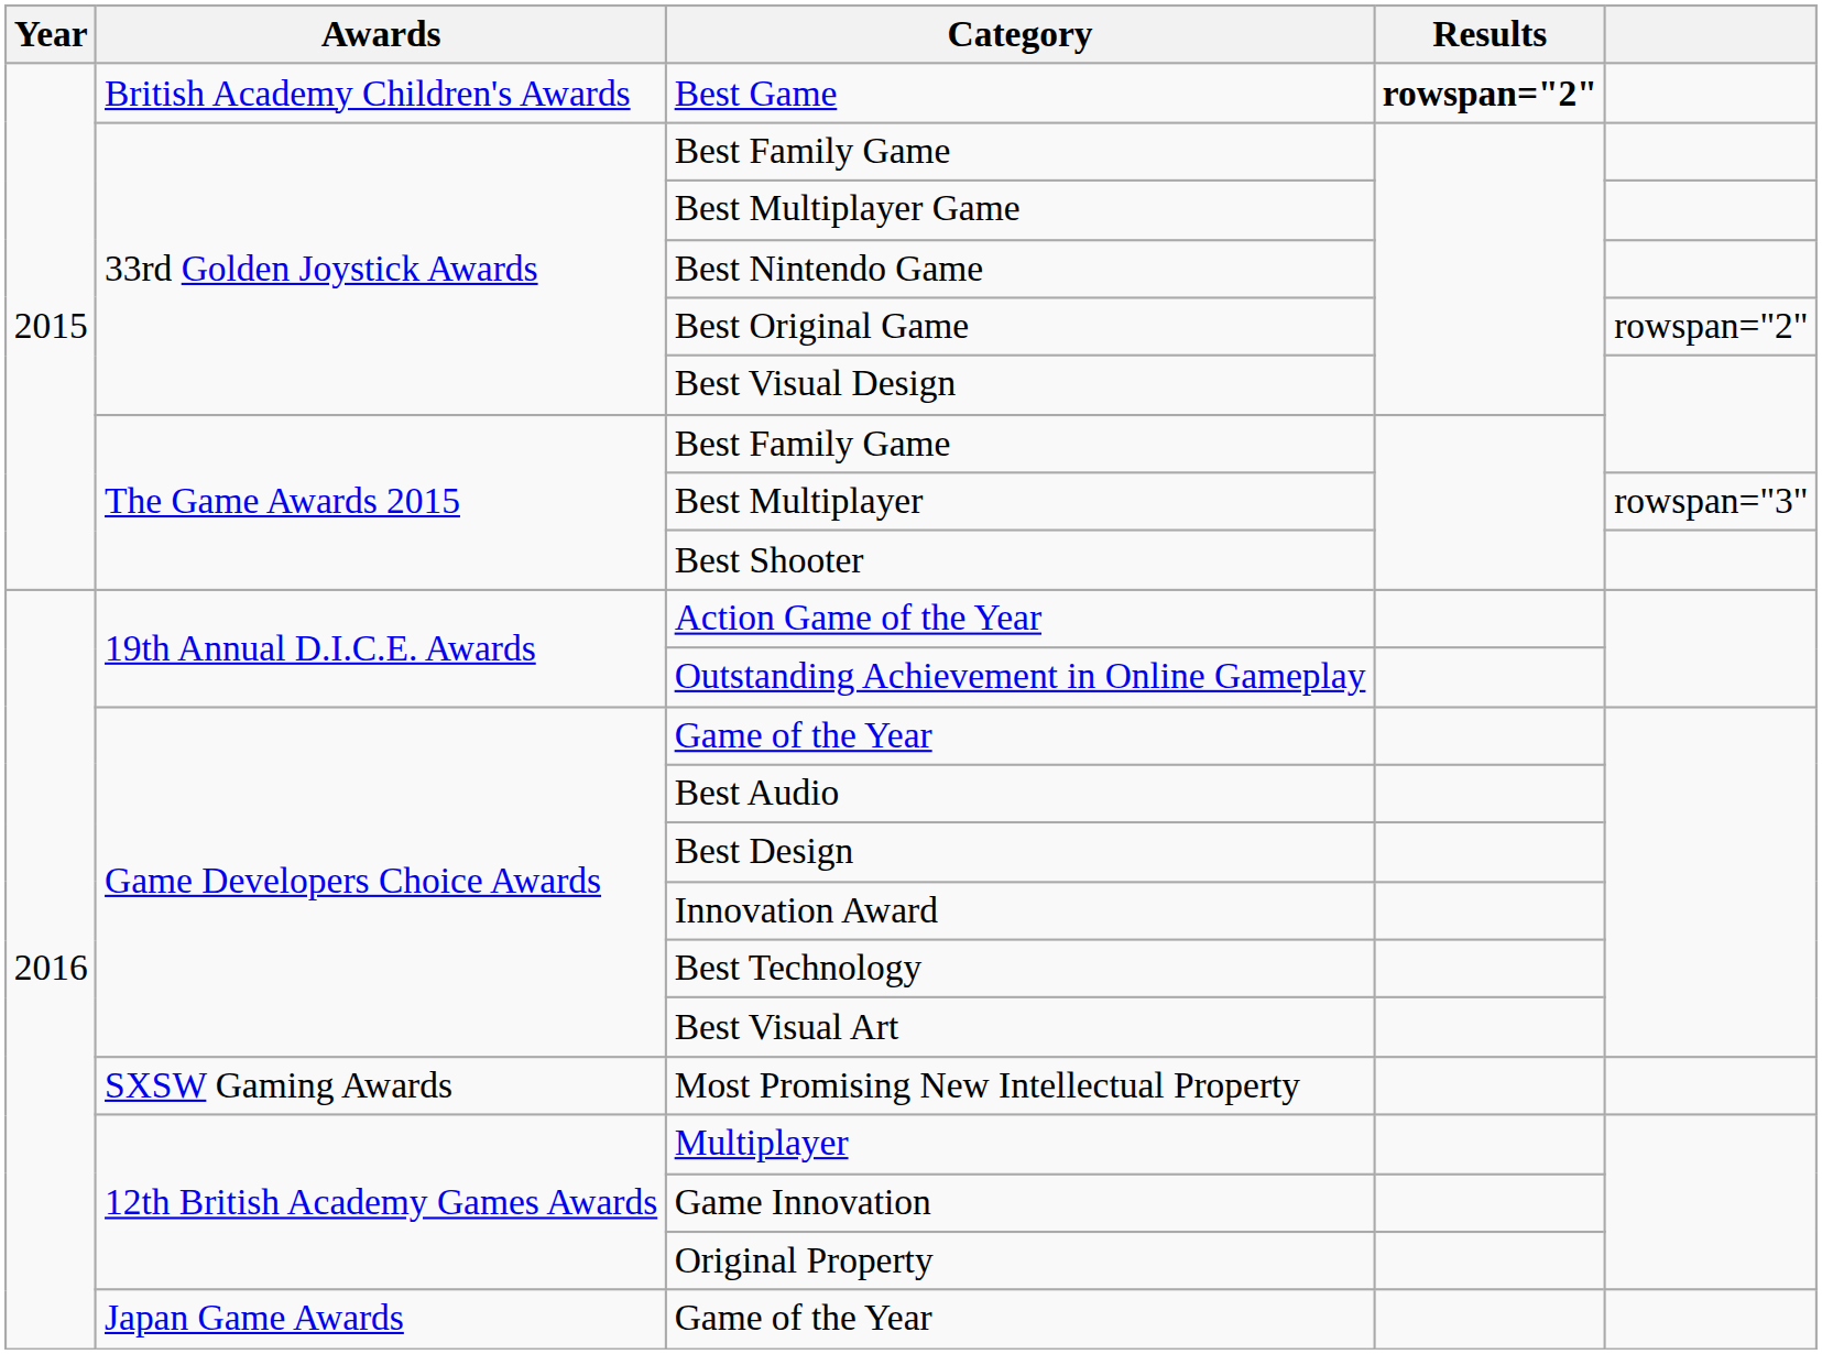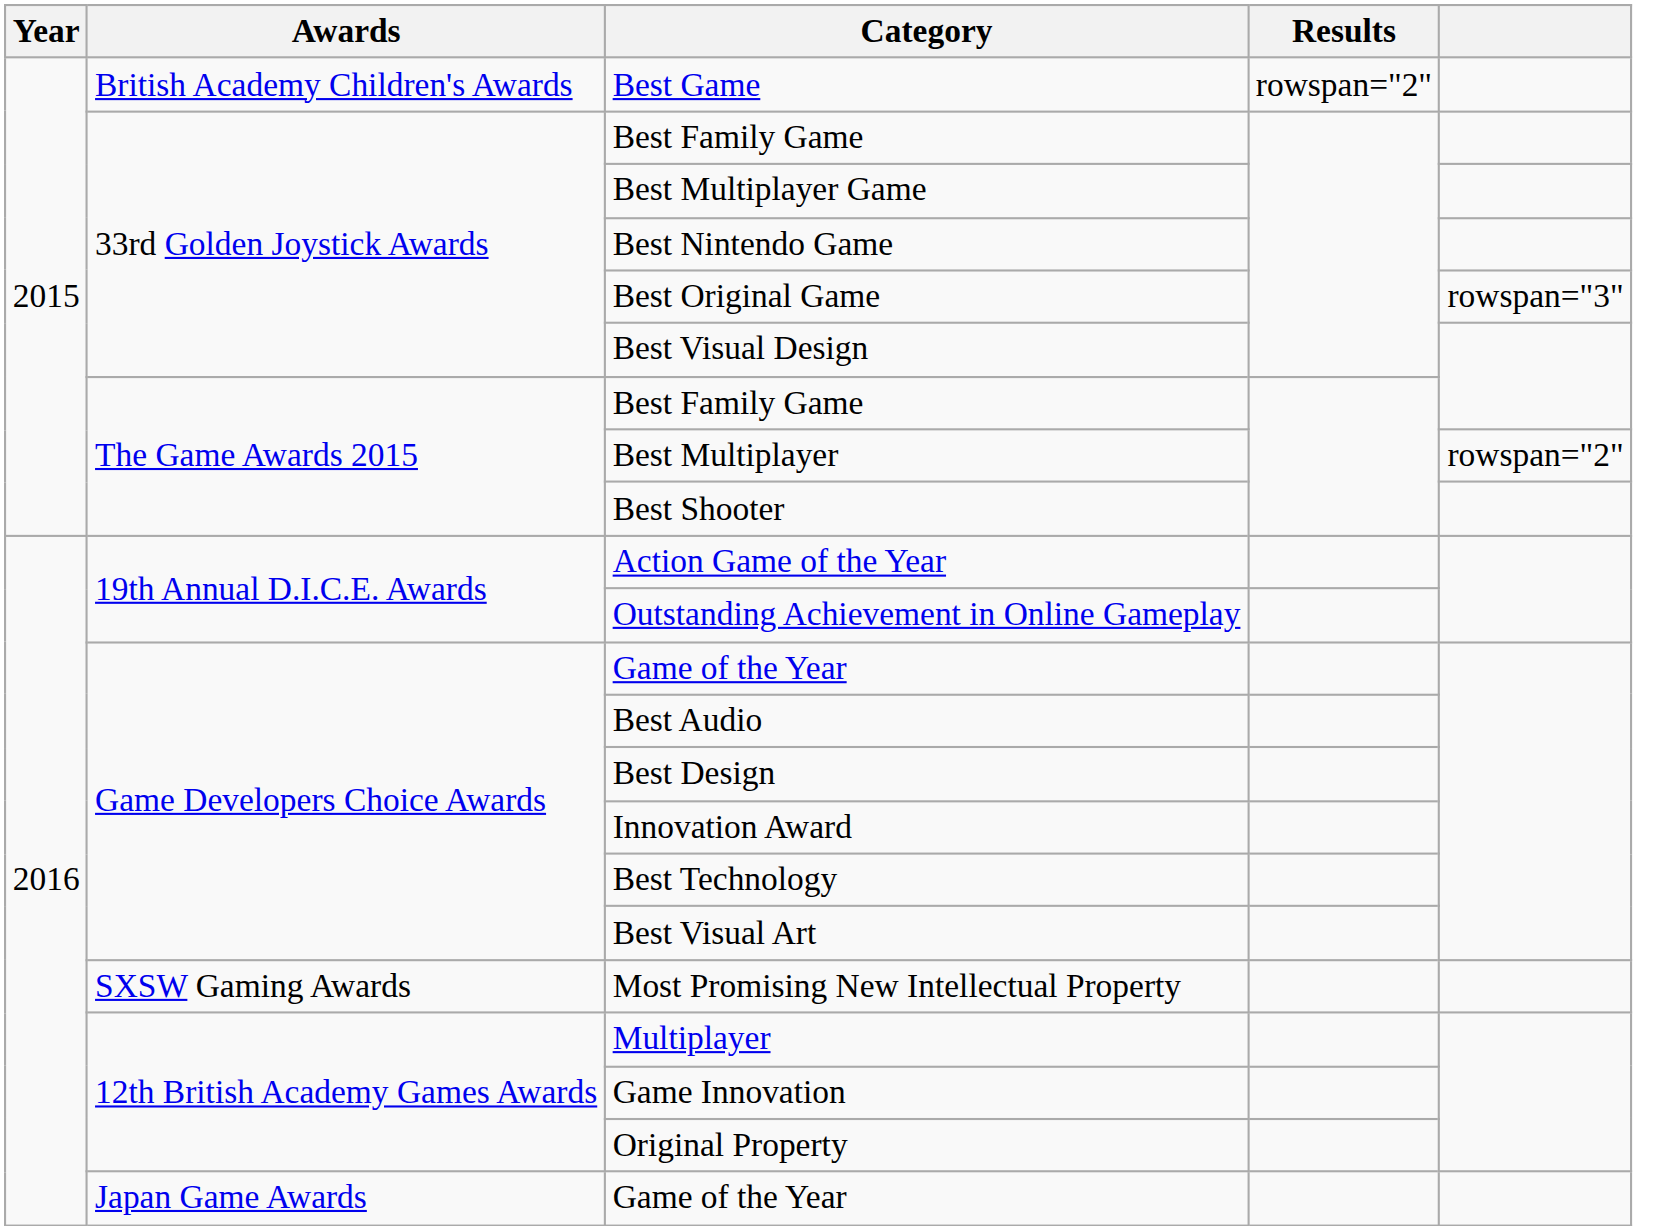 <table class="wikitable sortable" width="auto">
 <tr>
 <th>Year</th>
 <th>Awards</th>
 <th>Category</th>
 <th>Results</th>
 <th></th>
 </tr>
 <tr>
 <td rowspan="9" align="center">2015</td>
 <td><a href='#'>British Academy Children's Awards</a></td>
 <td><a href='#'>Best Game</a></td>
-<td><strong>rowspan="2" </strong></td>
+<td>rowspan="2" </td>
 <td align="center"></td>
 </tr>
 <tr>
 <td rowspan="5">33rd <a href='#'>Golden Joystick Awards</a></td>
 <td>Best Family Game</td>
 <td rowspan="5" align=center></td>
 </tr>
 <tr>
 <td>Best Multiplayer Game</td>
 <td></td>
 </tr>
 <tr>
 <td>Best Nintendo Game</td>
 <td></td>
 </tr>
 <tr>
 <td>Best Original Game</td>
-<td>rowspan="2" </td>
+<td>rowspan="3" </td>
 </tr>
 <tr>
 <td>Best Visual Design</td>
 </tr>
 <tr>
 <td rowspan="3"><a href='#'>The Game Awards 2015</a></td>
 <td>Best Family Game</td>
 <td rowspan="3" align=center></td>
 </tr>
 <tr>
 <td>Best Multiplayer</td>
-<td>rowspan="3" </td>
+<td>rowspan="2" </td>
 </tr>
 <tr>
 <td>Best Shooter</td>
 </tr>
 <tr>
 <td rowspan="13" align="center">2016</td>
 <td rowspan="2"><a href='#'>19th Annual D.I.C.E. Awards</a></td>
 <td><a href='#'>Action Game of the Year</a></td>
 <td></td>
 <td rowspan="2" align="center"></td>
 </tr>
 <tr>
 <td><a href='#'>Outstanding Achievement in Online Gameplay</a></td>
 <td></td>
 </tr>
 <tr>
 <td rowspan="6"><a href='#'>Game Developers Choice Awards</a></td>
 <td><a href='#'>Game of the Year</a></td>
 <td></td>
 <td rowspan="6" align="center"></td>
 </tr>
 <tr>
 <td>Best Audio</td>
 <td></td>
 </tr>
 <tr>
 <td>Best Design</td>
 <td></td>
 </tr>
 <tr>
 <td>Innovation Award</td>
 <td></td>
 </tr>
 <tr>
 <td>Best Technology</td>
 <td></td>
 </tr>
 <tr>
 <td>Best Visual Art</td>
 <td></td>
 </tr>
 <tr>
 <td><a href='#'>SXSW</a> Gaming Awards</td>
 <td>Most Promising New Intellectual Property</td>
 <td></td>
 <td align="center"></td>
 </tr>
 <tr>
 <td rowspan="3"><a href='#'>12th British Academy Games Awards</a></td>
 <td><a href='#'>Multiplayer</a></td>
 <td></td>
 <td rowspan="3" align="center"></td>
 </tr>
 <tr>
 <td>Game Innovation</td>
 <td></td>
 </tr>
 <tr>
 <td>Original Property</td>
 <td></td>
 </tr>
 <tr>
 <td><a href='#'>Japan Game Awards</a></td>
 <td>Game of the Year</td>
 <td></td>
 <td align="center"></td>
 </tr>
 </table>
